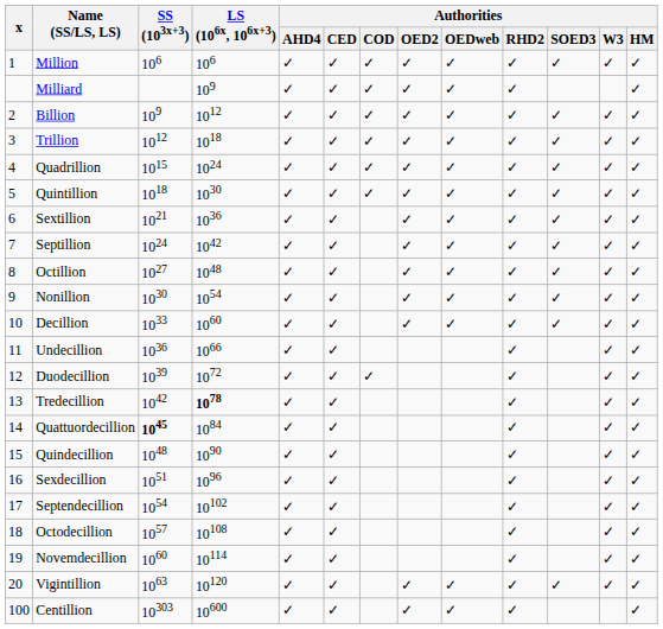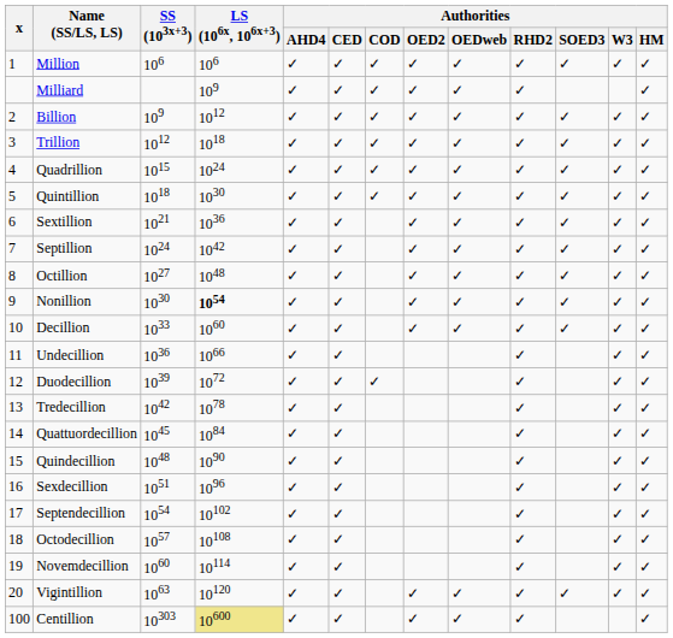 <table class="wikitable">
 <tr>
 <th rowspan="2">x</th>
 <th rowspan="2" valign="top">Name<br>(SS/LS, LS)</th>
 <th rowspan="2" valign="top"><a href='#'>SS</a><br>(10<sup>3x+3</sup>)</th>
 <th rowspan="2" valign="top"><a href='#'>LS</a><br>(10<sup>6x</sup>, 10<sup>6x+3</sup>)</th>
 <th colspan="9">Authorities</th>
 </tr>
 <tr>
 <th>AHD4</th>
 <th>CED</th>
 <th>COD</th>
 <th>OED2</th>
 <th>OEDweb</th>
 <th>RHD2</th>
 <th>SOED3</th>
 <th>W3</th>
 <th>HM</th>
 </tr>
 <tr>
 <td>1</td>
 <td><a href='#'>Million</a></td>
 <td>10<sup>6</sup></td>
 <td>10<sup>6</sup></td>
 <td>✓</td>
 <td>✓</td>
 <td>✓</td>
 <td>✓</td>
 <td>✓</td>
 <td>✓</td>
 <td>✓</td>
 <td>✓</td>
 <td>✓</td>
 </tr>
 <tr>
 <td></td>
 <td><a href='#'>Milliard</a></td>
 <td></td>
 <td>10<sup>9</sup></td>
 <td>✓</td>
 <td>✓</td>
 <td>✓</td>
 <td>✓</td>
 <td>✓</td>
 <td>✓</td>
 <td></td>
 <td></td>
 <td>✓</td>
 </tr>
 <tr>
 <td>2</td>
 <td><a href='#'>Billion</a></td>
 <td>10<sup>9</sup></td>
 <td>10<sup>12</sup></td>
 <td>✓</td>
 <td>✓</td>
 <td>✓</td>
 <td>✓</td>
 <td>✓</td>
 <td>✓</td>
 <td>✓</td>
 <td>✓</td>
 <td>✓</td>
 </tr>
 <tr>
 <td>3</td>
 <td><a href='#'>Trillion</a></td>
 <td>10<sup>12</sup></td>
 <td>10<sup>18</sup></td>
 <td>✓</td>
 <td>✓</td>
 <td>✓</td>
 <td>✓</td>
 <td>✓</td>
 <td>✓</td>
 <td>✓</td>
 <td>✓</td>
 <td>✓</td>
 </tr>
 <tr>
 <td>4</td>
 <td>Quadrillion</td>
 <td>10<sup>15</sup></td>
 <td>10<sup>24</sup></td>
 <td>✓</td>
 <td>✓</td>
 <td>✓</td>
 <td>✓</td>
 <td>✓</td>
 <td>✓</td>
 <td>✓</td>
 <td>✓</td>
 <td>✓</td>
 </tr>
 <tr>
 <td>5</td>
 <td>Quintillion</td>
 <td>10<sup>18</sup></td>
 <td>10<sup>30</sup></td>
 <td>✓</td>
 <td>✓</td>
 <td>✓</td>
 <td>✓</td>
 <td>✓</td>
 <td>✓</td>
 <td>✓</td>
 <td>✓</td>
 <td>✓</td>
 </tr>
 <tr>
 <td>6</td>
 <td>Sextillion</td>
 <td>10<sup>21</sup></td>
 <td>10<sup>36</sup></td>
 <td>✓</td>
 <td>✓</td>
 <td></td>
 <td>✓</td>
 <td>✓</td>
 <td>✓</td>
 <td>✓</td>
 <td>✓</td>
 <td>✓</td>
 </tr>
 <tr>
 <td>7</td>
 <td>Septillion</td>
 <td>10<sup>24</sup></td>
 <td>10<sup>42</sup></td>
 <td>✓</td>
 <td>✓</td>
 <td></td>
 <td>✓</td>
 <td>✓</td>
 <td>✓</td>
 <td>✓</td>
 <td>✓</td>
 <td>✓</td>
 </tr>
 <tr>
 <td>8</td>
 <td>Octillion</td>
 <td>10<sup>27</sup></td>
 <td>10<sup>48</sup></td>
 <td>✓</td>
 <td>✓</td>
 <td></td>
 <td>✓</td>
 <td>✓</td>
 <td>✓</td>
 <td>✓</td>
 <td>✓</td>
 <td>✓</td>
 </tr>
 <tr>
 <td>9</td>
 <td>Nonillion</td>
 <td>10<sup>30</sup></td>
-<td>10<sup>54</sup></td>
+<td><strong>10<sup>54</sup></strong></td>
 <td>✓</td>
 <td>✓</td>
 <td></td>
 <td>✓</td>
 <td>✓</td>
 <td>✓</td>
 <td>✓</td>
 <td>✓</td>
 <td>✓</td>
 </tr>
 <tr>
 <td>10</td>
 <td>Decillion</td>
 <td>10<sup>33</sup></td>
 <td>10<sup>60</sup></td>
 <td>✓</td>
 <td>✓</td>
 <td></td>
 <td>✓</td>
 <td>✓</td>
 <td>✓</td>
 <td>✓</td>
 <td>✓</td>
 <td>✓</td>
 </tr>
 <tr>
 <td>11</td>
 <td>Undecillion</td>
 <td>10<sup>36</sup></td>
 <td>10<sup>66</sup></td>
 <td>✓</td>
 <td>✓</td>
 <td></td>
 <td></td>
 <td></td>
 <td>✓</td>
 <td></td>
 <td>✓</td>
 <td>✓</td>
 </tr>
 <tr>
 <td>12</td>
 <td>Duodecillion</td>
 <td>10<sup>39</sup></td>
 <td>10<sup>72</sup></td>
 <td>✓</td>
 <td>✓</td>
 <td>✓</td>
 <td></td>
 <td></td>
 <td>✓</td>
 <td></td>
 <td>✓</td>
 <td>✓</td>
 </tr>
 <tr>
 <td>13</td>
 <td>Tredecillion</td>
 <td>10<sup>42</sup></td>
-<td><strong>10<sup>78</sup></strong></td>
+<td>10<sup>78</sup></td>
 <td>✓</td>
 <td>✓</td>
 <td></td>
 <td></td>
 <td></td>
 <td>✓</td>
 <td></td>
 <td>✓</td>
 <td>✓</td>
 </tr>
 <tr>
 <td>14</td>
 <td>Quattuordecillion</td>
-<td><strong>10<sup>45</sup></strong></td>
+<td>10<sup>45</sup></td>
 <td>10<sup>84</sup></td>
 <td>✓</td>
 <td>✓</td>
 <td></td>
 <td></td>
 <td></td>
 <td>✓</td>
 <td></td>
 <td>✓</td>
 <td>✓</td>
 </tr>
 <tr>
 <td>15</td>
 <td>Quindecillion</td>
 <td>10<sup>48</sup></td>
 <td>10<sup>90</sup></td>
 <td>✓</td>
 <td>✓</td>
 <td></td>
 <td></td>
 <td></td>
 <td>✓</td>
 <td></td>
 <td>✓</td>
 <td>✓</td>
 </tr>
 <tr>
 <td>16</td>
 <td>Sexdecillion</td>
 <td>10<sup>51</sup></td>
 <td>10<sup>96</sup></td>
 <td>✓</td>
 <td>✓</td>
 <td></td>
 <td></td>
 <td></td>
 <td>✓</td>
 <td></td>
 <td>✓</td>
 <td>✓</td>
 </tr>
 <tr>
 <td>17</td>
 <td>Septendecillion</td>
 <td>10<sup>54</sup></td>
 <td>10<sup>102</sup></td>
 <td>✓</td>
 <td>✓</td>
 <td></td>
 <td></td>
 <td></td>
 <td>✓</td>
 <td></td>
 <td>✓</td>
 <td>✓</td>
 </tr>
 <tr>
 <td>18</td>
 <td>Octodecillion</td>
 <td>10<sup>57</sup></td>
 <td>10<sup>108</sup></td>
 <td>✓</td>
 <td>✓</td>
 <td></td>
 <td></td>
 <td></td>
 <td>✓</td>
 <td></td>
 <td>✓</td>
 <td>✓</td>
 </tr>
 <tr>
 <td>19</td>
 <td>Novemdecillion</td>
 <td>10<sup>60</sup></td>
 <td>10<sup>114</sup></td>
 <td>✓</td>
 <td>✓</td>
 <td></td>
 <td></td>
 <td></td>
 <td>✓</td>
 <td></td>
 <td>✓</td>
 <td>✓</td>
 </tr>
 <tr>
 <td>20</td>
 <td>Vigintillion</td>
 <td>10<sup>63</sup></td>
 <td>10<sup>120</sup></td>
 <td>✓</td>
 <td>✓</td>
 <td></td>
 <td>✓</td>
 <td>✓</td>
 <td>✓</td>
 <td>✓</td>
 <td>✓</td>
 <td>✓</td>
 </tr>
 <tr>
 <td>100</td>
 <td>Centillion</td>
 <td>10<sup>303</sup></td>
-<td>10<sup>600</sup></td>
+<td style="background: khaki;">10<sup>600</sup></td>
 <td>✓</td>
 <td>✓</td>
 <td></td>
 <td>✓</td>
 <td>✓</td>
 <td>✓</td>
 <td></td>
 <td></td>
 <td>✓</td>
 </tr>
 </table>
